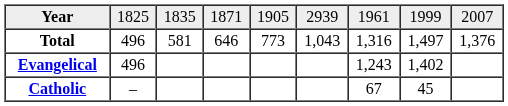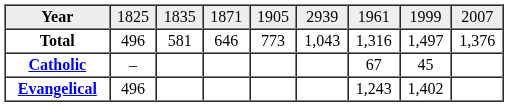 <table border="1" cellpadding="2" cellspacing="0" width="500">
 <tr bgcolor="#eeeeee" align="center">
 <td><strong>Year</strong></td>
 <td>1825</td>
 <td>1835</td>
 <td>1871</td>
 <td>1905</td>
 <td>2939</td>
 <td>1961</td>
 <td>1999</td>
 <td>2007</td>
 </tr>
 <tr align="center">
 <td><strong>Total</strong></td>
 <td>496</td>
 <td>581</td>
 <td>646</td>
 <td>773</td>
 <td>1,043</td>
 <td>1,316</td>
 <td>1,497</td>
 <td>1,376</td>
 </tr>
 <tr align="center">
+<td><strong><a href='#'>Catholic</a></strong></td>
+<td>–</td>
+<td> </td>
+<td> </td>
+<td> </td>
+<td> </td>
+<td>67</td>
+<td>45</td>
+<td> </td>
+</tr>
+<tr align="center">
 <td><strong><a href='#'>Evangelical</a></strong></td>
 <td>496</td>
 <td> </td>
 <td> </td>
 <td> </td>
 <td> </td>
 <td>1,243</td>
 <td>1,402</td>
 <td> </td>
 </tr>
-<tr align="center">
-<td><strong><a href='#'>Catholic</a></strong></td>
-<td>–</td>
-<td> </td>
-<td> </td>
-<td> </td>
-<td> </td>
-<td>67</td>
-<td>45</td>
-<td> </td>
-</tr>
 </table>
